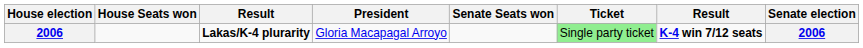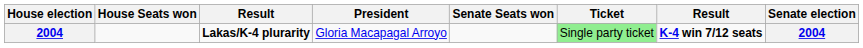 <table class="wikitable" style="text-align:center; font-size:90%">
 <tr>
 <th>House election</th>
 <th>House Seats won</th>
 <th>Result</th>
 <th>President</th>
 <th>Senate Seats won</th>
 <th>Ticket</th>
 <th>Result</th>
 <th>Senate election</th>
 </tr>
 <tr>
-<th><a href='#'>2006</a></th>
+<th><a href='#'>2004</a></th>
 <td></td>
 <td><strong>Lakas/K-4 plurarity</strong></td>
 <td style="background:"><a href='#'>Gloria Macapagal Arroyo</a></td>
 <td></td>
 <td style="background: lightgreen;">Single party ticket</td>
 <td><strong><a href='#'>K-4</a> win 7/12 seats</strong></td>
-<th><a href='#'>2006</a></th>
+<th><a href='#'>2004</a></th>
 </tr>
 </table>
